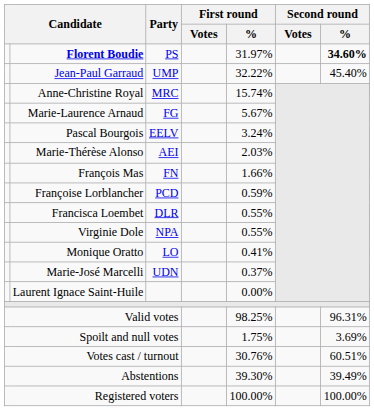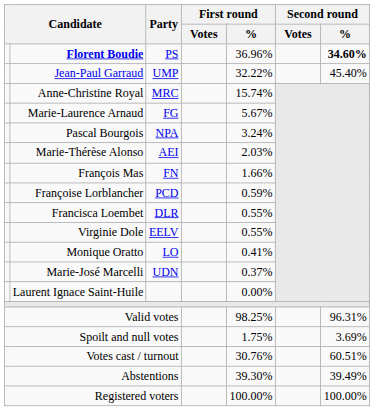 <table class="wikitable" style="text-align:right;font-size:95%;">
 <tr>
 <th rowspan=2 colspan=2>Candidate</th>
 <th rowspan=2 colspan=1>Party</th>
 <th colspan=2>First round</th>
 <th colspan=2>Second round</th>
 </tr>
 <tr>
 <th style="width:50px;">Votes</th>
 <th style="width:55px;">%</th>
 <th style="width:50px;">Votes</th>
 <th style="width:55px;">%</th>
 </tr>
 <tr>
 <td style="color:inherit;background-color:"></td>
 <td><strong><a href='#'>Florent Boudie</a></strong></td>
 <td><a href='#'>PS</a></td>
 <td></td>
-<td>31.97%</td>
+<td>36.96%</td>
 <td><strong></strong></td>
 <td><strong>34.60%</strong></td>
 </tr>
 <tr>
 <td style="color:inherit;background-color:"></td>
 <td><a href='#'>Jean-Paul Garraud</a></td>
 <td><a href='#'>UMP</a></td>
 <td></td>
 <td>32.22%</td>
 <td></td>
 <td>45.40%</td>
 </tr>
 <tr>
 <td style="color:inherit;background-color:"></td>
 <td>Anne-Christine Royal</td>
 <td><a href='#'>MRC</a></td>
 <td></td>
 <td>15.74%</td>
 <td colspan=7 rowspan=11 style="background-color:#E9E9E9;"></td>
 </tr>
 <tr>
 <td style="color:inherit;background-color:"></td>
 <td>Marie-Laurence Arnaud</td>
 <td><a href='#'>FG</a></td>
 <td></td>
 <td>5.67%</td>
 </tr>
 <tr>
 <td style="color:inherit;background-color:"></td>
 <td>Pascal Bourgois</td>
-<td><a href='#'>EELV</a></td>
+<td><a href='#'>NPA</a></td>
 <td></td>
 <td>3.24%</td>
 </tr>
 <tr>
 <td style="color:inherit;background-color:"></td>
 <td>Marie-Thérèse Alonso</td>
 <td><a href='#'>AEI</a></td>
 <td></td>
 <td>2.03%</td>
 </tr>
 <tr>
 <td style="color:inherit;background-color:"></td>
 <td>François Mas</td>
 <td><a href='#'>FN</a></td>
 <td></td>
 <td>1.66%</td>
 </tr>
 <tr>
 <td style="color:inherit;background-color:"></td>
 <td>Françoise Lorblancher</td>
 <td><a href='#'>PCD</a></td>
 <td></td>
 <td>0.59%</td>
 </tr>
 <tr>
 <td style="color:inherit;background-color:"></td>
 <td>Francisca Loembet</td>
 <td><a href='#'>DLR</a></td>
 <td></td>
 <td>0.55%</td>
 </tr>
 <tr>
 <td style="color:inherit;background-color:"></td>
 <td>Virginie Dole</td>
-<td><a href='#'>NPA</a></td>
+<td><a href='#'>EELV</a></td>
 <td></td>
 <td>0.55%</td>
 </tr>
 <tr>
 <td style="color:inherit;background-color:"></td>
 <td>Monique Oratto</td>
 <td><a href='#'>LO</a></td>
 <td></td>
 <td>0.41%</td>
 </tr>
 <tr>
 <td style="color:inherit;background-color:"></td>
 <td>Marie-José Marcelli</td>
 <td><a href='#'>UDN</a></td>
 <td></td>
 <td>0.37%</td>
 </tr>
 <tr>
 <td style="background-color:;"></td>
 <td>Laurent Ignace Saint-Huile</td>
 <td></td>
 <td></td>
 <td>0.00%</td>
 </tr>
 <tr>
 <td colspan=7 style="background-color:#E9E9E9;"></td>
 </tr>
 <tr>
 <td colspan=3>Valid votes</td>
 <td></td>
 <td>98.25%</td>
 <td></td>
 <td>96.31%</td>
 </tr>
 <tr>
 <td colspan=3>Spoilt and null votes</td>
 <td></td>
 <td>1.75%</td>
 <td></td>
 <td>3.69%</td>
 </tr>
 <tr>
 <td colspan=3>Votes cast / turnout</td>
 <td></td>
 <td>30.76%</td>
 <td></td>
 <td>60.51%</td>
 </tr>
 <tr>
 <td colspan=3>Abstentions</td>
 <td></td>
 <td>39.30%</td>
 <td></td>
 <td>39.49%</td>
 </tr>
 <tr>
 <td colspan=3>Registered voters</td>
 <td></td>
 <td>100.00%</td>
 <td></td>
 <td>100.00%</td>
 </tr>
 </table>
